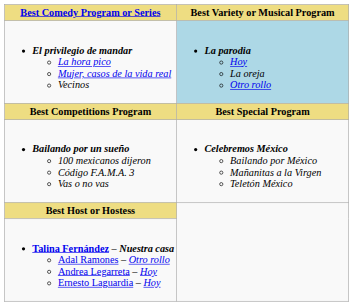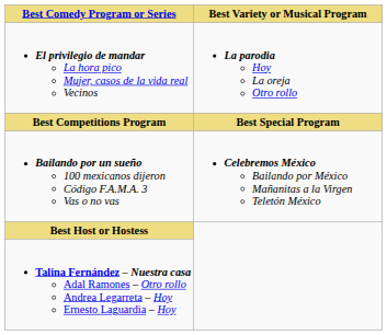 <table class="wikitable">
 <tr>
 <th style="background:#EEDD82; width:50%"><a href='#'>Best Comedy Program or Series</a></th>
 <th style="background:#EEDD82; width:50%">Best Variety or Musical Program</th>
 </tr>
 <tr>
 <td valign="top"><br><ul><li><strong><em>El privilegio de mandar</em></strong><ul><li><em><a href='#'>La hora pico</a></em></li><li><em><a href='#'>Mujer, casos de la vida real</a></em></li><li><em>Vecinos</em></li></ul></li></ul></td>
-<td valign="top" style="background: lightblue;"><br><ul><li><strong><em>La parodia</em></strong><ul><li><em><a href='#'>Hoy</a></em></li><li><em>La oreja</em></li><li><em><a href='#'>Otro rollo</a></em></li></ul></li></ul></td>
+<td valign="top"><br><ul><li><strong><em>La parodia</em></strong><ul><li><em><a href='#'>Hoy</a></em></li><li><em>La oreja</em></li><li><em><a href='#'>Otro rollo</a></em></li></ul></li></ul></td>
 </tr>
 <tr>
 <th style="background:#EEDD82; width:50%">Best Competitions Program</th>
 <th style="background:#EEDD82; width:50%">Best Special Program</th>
 </tr>
 <tr>
 <td valign="top"><br><ul><li><strong><em>Bailando por un sueño</em></strong><ul><li><em>100 mexicanos dijeron</em></li><li><em>Código F.A.M.A. 3</em></li><li><em>Vas o no vas</em></li></ul></li></ul></td>
 <td valign="top"><br><ul><li><strong><em>Celebremos México</em></strong><ul><li><em>Bailando por México</em></li><li><em>Mañanitas a la Virgen</em></li><li><em>Teletón México</em></li></ul></li></ul></td>
 </tr>
 <tr>
 <th style="background:#EEDD82; width:50%">Best Host or Hostess</th>
 </tr>
 <tr>
 <td valign="top"><br><ul><li><strong><a href='#'>Talina Fernández</a></strong> – <strong><em>Nuestra casa</em></strong><ul><li><a href='#'>Adal Ramones</a> – <em><a href='#'>Otro rollo</a></em></li><li><a href='#'>Andrea Legarreta</a> – <em><a href='#'>Hoy</a></em></li><li><a href='#'>Ernesto Laguardia</a> – <em><a href='#'>Hoy</a></em></li></ul></li></ul></td>
 </tr>
 </table>
